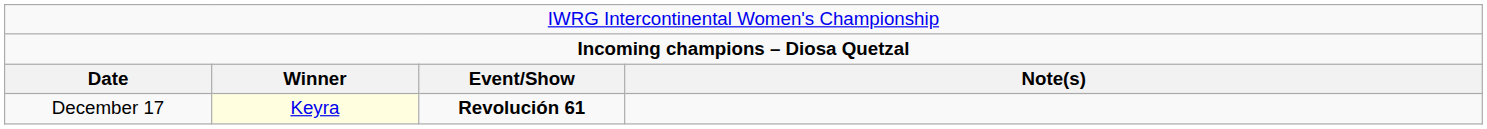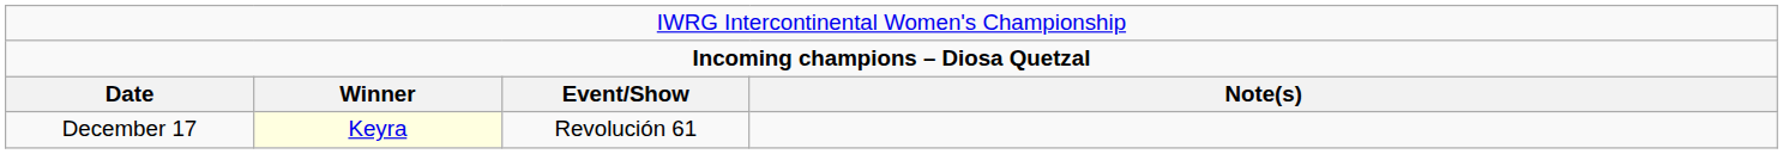 <table class="wikitable" style="text-align:center; width:100%;">
 <tr>
 <td colspan="5" style="text-align: center;"><a href='#'>IWRG Intercontinental Women's Championship</a></td>
 </tr>
 <tr>
 <td colspan="5" style="text-align: center;"><strong>Incoming champions – Diosa Quetzal</strong></td>
 </tr>
 <tr>
 <th width=14%>Date</th>
 <th width=14%>Winner</th>
 <th width=14%>Event/Show</th>
 <th width=58%>Note(s)</th>
 </tr>
 <tr>
 <td>December 17</td>
 <td style="background: lightyellow;"><a href='#'>Keyra</a></td>
-<td><strong>Revolución 61</strong></td>
+<td>Revolución 61</td>
 <td></td>
 </tr>
 </table>
